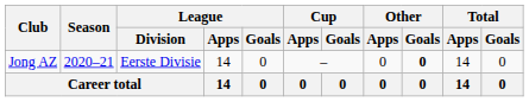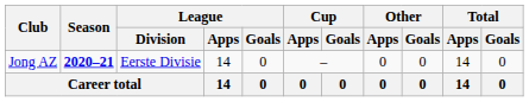 <table class=wikitable style=text-align:center>
 <tr>
 <th rowspan="2">Club</th>
 <th rowspan="2">Season</th>
 <th colspan="3">League</th>
 <th colspan="2">Cup</th>
 <th colspan="2">Other</th>
 <th colspan="2">Total</th>
 </tr>
 <tr>
 <th>Division</th>
 <th>Apps</th>
 <th>Goals</th>
 <th>Apps</th>
 <th>Goals</th>
 <th>Apps</th>
 <th>Goals</th>
 <th>Apps</th>
 <th>Goals</th>
 </tr>
 <tr>
 <td><a href='#'>Jong AZ</a></td>
-<td><a href='#'>2020–21</a></td>
+<td><strong><a href='#'>2020–21</a></strong></td>
 <td><a href='#'>Eerste Divisie</a></td>
 <td>14</td>
 <td>0</td>
 <td colspan="2">–</td>
 <td>0</td>
-<td><strong>0</strong></td>
+<td>0</td>
 <td>14</td>
 <td>0</td>
 </tr>
 <tr>
 <th colspan="3">Career total</th>
 <th>14</th>
 <th>0</th>
 <th>0</th>
 <th>0</th>
 <th>0</th>
 <th>0</th>
 <th>14</th>
 <th>0</th>
 </tr>
 </table>
